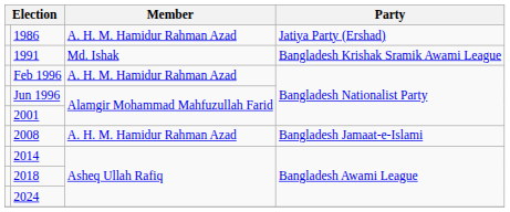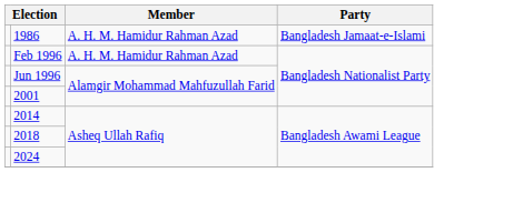 <table class="wikitable">
 <tr>
 <th colspan="2">Election</th>
 <th>Member</th>
 <th>Party</th>
 </tr>
 <tr>
 <td style="background-color:"></td>
 <td><a href='#'>1986</a></td>
 <td><a href='#'>A. H. M. Hamidur Rahman Azad</a></td>
-<td><a href='#'>Jatiya Party (Ershad)</a></td>
-</tr>
-<tr>
-<td style="background-color:"></td>
-<td><a href='#'>1991</a></td>
-<td><a href='#'>Md. Ishak</a></td>
-<td><a href='#'>Bangladesh Krishak Sramik Awami League</a></td>
+<td><a href='#'>Bangladesh Jamaat-e-Islami</a></td>
 </tr>
 <tr>
 <td style="background-color:"></td>
 <td><a href='#'>Feb 1996</a></td>
 <td><a href='#'>A. H. M. Hamidur Rahman Azad</a></td>
 <td rowspan="3"><a href='#'>Bangladesh Nationalist Party</a></td>
 </tr>
 <tr>
 <td style="background-color:"></td>
 <td><a href='#'>Jun 1996</a></td>
 <td rowspan="2"><a href='#'>Alamgir Mohammad Mahfuzullah Farid</a></td>
 </tr>
 <tr>
 <td style="background-color:"></td>
 <td><a href='#'>2001</a></td>
 </tr>
 <tr>
 <td style="background-color:"></td>
-<td><a href='#'>2008</a></td>
-<td><a href='#'>A. H. M. Hamidur Rahman Azad</a></td>
-<td><a href='#'>Bangladesh Jamaat-e-Islami</a></td>
-</tr>
-<tr>
-<td style="background-color:"></td>
 <td><a href='#'>2014</a></td>
 <td rowspan="3"><a href='#'>Asheq Ullah Rafiq</a></td>
 <td rowspan="3"><a href='#'>Bangladesh Awami League</a></td>
 </tr>
 <tr>
 <td style="background-color:"></td>
 <td><a href='#'>2018</a></td>
 </tr>
 <tr>
 <td style="background-color:"></td>
 <td><a href='#'>2024</a></td>
 </tr>
 <tr>
 </tr>
 </table>
